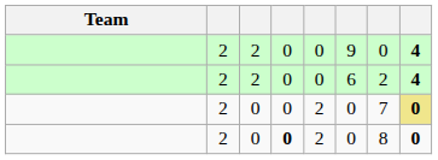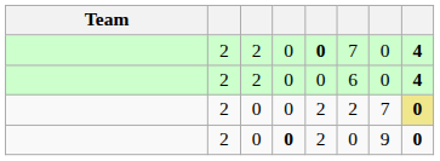 <table class="wikitable" style="text-align:center;">
 <tr>
 <th width=165>Team</th>
 <th width=20></th>
 <th width=20></th>
 <th width=20></th>
 <th width=20></th>
 <th width=20></th>
 <th width=20></th>
 <th width=20></th>
 </tr>
 <tr bgcolor="#ccffcc">
 <td align="left"></td>
 <td>2</td>
 <td>2</td>
 <td>0</td>
-<td>0</td>
-<td>9</td>
+<td><strong>0</strong></td>
+<td>7</td>
 <td>0</td>
 <td><strong>4</strong></td>
 </tr>
 <tr bgcolor="#ccffcc">
 <td align="left"></td>
 <td>2</td>
 <td>2</td>
 <td>0</td>
 <td>0</td>
 <td>6</td>
-<td>2</td>
+<td>0</td>
 <td><strong>4</strong></td>
 </tr>
 <tr>
 <td align="left"></td>
 <td>2</td>
 <td>0</td>
 <td>0</td>
 <td>2</td>
-<td>0</td>
+<td>2</td>
 <td>7</td>
 <td style="background: khaki;"><strong>0</strong></td>
 </tr>
 <tr>
 <td align="left"></td>
 <td>2</td>
 <td>0</td>
 <td><strong>0</strong></td>
 <td>2</td>
 <td>0</td>
-<td>8</td>
+<td>9</td>
 <td><strong>0</strong></td>
 </tr>
 </table>
